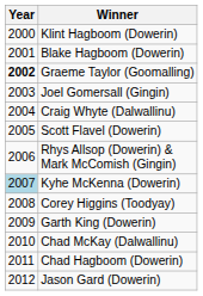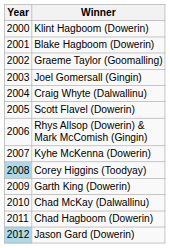 <table class="wikitable">
 <tr>
 <th>Year</th>
 <th>Winner</th>
 </tr>
 <tr>
 <td>2000</td>
 <td>Klint Hagboom (Dowerin)</td>
 </tr>
 <tr>
 <td>2001</td>
 <td>Blake Hagboom (Dowerin)</td>
 </tr>
 <tr>
-<td><strong>2002</strong></td>
+<td>2002</td>
 <td>Graeme Taylor (Goomalling)</td>
 </tr>
 <tr>
 <td>2003</td>
 <td>Joel Gomersall (Gingin)</td>
 </tr>
 <tr>
 <td>2004</td>
 <td>Craig Whyte (Dalwallinu)</td>
 </tr>
 <tr>
 <td>2005</td>
 <td>Scott Flavel (Dowerin)</td>
 </tr>
 <tr>
 <td>2006</td>
 <td>Rhys Allsop (Dowerin) &<br>Mark McComish (Gingin)</td>
 </tr>
 <tr>
-<td style="background: lightblue;">2007</td>
+<td>2007</td>
 <td>Kyhe McKenna (Dowerin)</td>
 </tr>
 <tr>
-<td>2008</td>
+<td style="background: lightblue;">2008</td>
 <td>Corey Higgins (Toodyay)</td>
 </tr>
 <tr>
 <td>2009</td>
 <td>Garth King (Dowerin)</td>
 </tr>
 <tr>
 <td>2010</td>
 <td>Chad McKay (Dalwallinu)</td>
 </tr>
 <tr>
 <td>2011</td>
 <td>Chad Hagboom (Dowerin)</td>
 </tr>
 <tr>
-<td>2012</td>
+<td style="background: lightblue;">2012</td>
 <td>Jason Gard (Dowerin)</td>
 </tr>
 </table>
